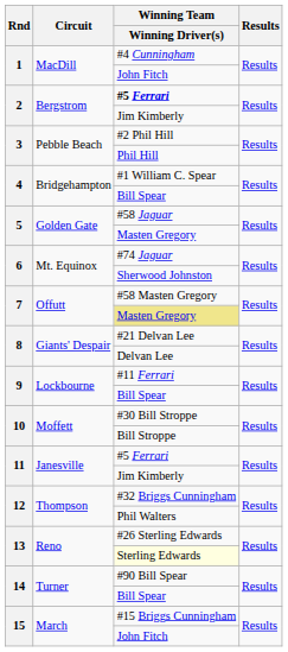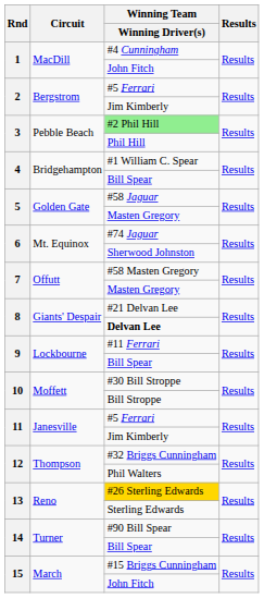 <table class="wikitable" style="font-size: 90%;">
 <tr>
 <th rowspan=2>Rnd</th>
 <th rowspan=2>Circuit</th>
 <th>Winning Team</th>
 <th rowspan=2>Results</th>
 </tr>
 <tr>
 <th>Winning Driver(s)</th>
 </tr>
 <tr>
 <th rowspan=2>1</th>
 <td rowspan=2><a href='#'>MacDill</a></td>
 <td>#4 <em><a href='#'>Cunningham</a></em></td>
 <td rowspan=2><a href='#'>Results</a></td>
 </tr>
 <tr>
 <td> <a href='#'>John Fitch</a></td>
 </tr>
 <tr>
 <th rowspan=2>2</th>
 <td rowspan=2><a href='#'>Bergstrom</a></td>
-<td><strong>#5 <em><a href='#'>Ferrari</a></em></strong></td>
+<td>#5 <em><a href='#'>Ferrari</a></em></td>
 <td rowspan=2><a href='#'>Results</a></td>
 </tr>
 <tr>
 <td> Jim Kimberly</td>
 </tr>
 <tr>
 <th rowspan=2>3</th>
 <td rowspan=2>Pebble Beach</td>
-<td>#2 Phil Hill</td>
+<td style="background: lightgreen;">#2 Phil Hill</td>
 <td rowspan=2><a href='#'>Results</a></td>
 </tr>
 <tr>
 <td> <a href='#'>Phil Hill</a></td>
 </tr>
 <tr>
 <th rowspan=2>4</th>
 <td rowspan=2>Bridgehampton</td>
 <td>#1 William C. Spear</td>
 <td rowspan=2><a href='#'>Results</a></td>
 </tr>
 <tr>
 <td> <a href='#'>Bill Spear</a></td>
 </tr>
 <tr>
 <th rowspan=2>5</th>
 <td rowspan=2><a href='#'>Golden Gate</a></td>
 <td>#58 <em><a href='#'>Jaguar</a></em></td>
 <td rowspan=2><a href='#'>Results</a></td>
 </tr>
 <tr>
 <td> <a href='#'>Masten Gregory</a></td>
 </tr>
 <tr>
 <th rowspan=2>6</th>
 <td rowspan=2>Mt. Equinox</td>
 <td>#74 <em><a href='#'>Jaguar</a></em></td>
 <td rowspan=2><a href='#'>Results</a></td>
 </tr>
 <tr>
 <td> <a href='#'>Sherwood Johnston</a></td>
 </tr>
 <tr>
 <th rowspan=2>7</th>
 <td rowspan=2><a href='#'>Offutt</a></td>
 <td>#58 Masten Gregory</td>
 <td rowspan=2><a href='#'>Results</a></td>
 </tr>
 <tr>
-<td style="background: khaki;"> <a href='#'>Masten Gregory</a></td>
+<td> <a href='#'>Masten Gregory</a></td>
 </tr>
 <tr>
 <th rowspan=2>8</th>
 <td rowspan=2><a href='#'>Giants' Despair</a></td>
 <td>#21 Delvan Lee</td>
 <td rowspan=2><a href='#'>Results</a></td>
 </tr>
 <tr>
-<td> Delvan Lee</td>
+<td><strong> Delvan Lee</strong></td>
 </tr>
 <tr>
 <th rowspan=2>9</th>
 <td rowspan=2><a href='#'>Lockbourne</a></td>
 <td>#11 <em><a href='#'>Ferrari</a></em></td>
 <td rowspan=2><a href='#'>Results</a></td>
 </tr>
 <tr>
 <td> <a href='#'>Bill Spear</a></td>
 </tr>
 <tr>
 <th rowspan=2>10</th>
 <td rowspan=2><a href='#'>Moffett</a></td>
 <td>#30 Bill Stroppe</td>
 <td rowspan=2><a href='#'>Results</a></td>
 </tr>
 <tr>
 <td> Bill Stroppe</td>
 </tr>
 <tr>
 <th rowspan=2>11</th>
 <td rowspan=2><a href='#'>Janesville</a></td>
 <td>#5 <em><a href='#'>Ferrari</a></em></td>
 <td rowspan=2><a href='#'>Results</a></td>
 </tr>
 <tr>
 <td> Jim Kimberly</td>
 </tr>
 <tr>
 <th rowspan=2>12</th>
 <td rowspan=2><a href='#'>Thompson</a></td>
 <td>#32 <a href='#'>Briggs Cunningham</a></td>
 <td rowspan=2><a href='#'>Results</a></td>
 </tr>
 <tr>
 <td> Phil Walters</td>
 </tr>
 <tr>
 <th rowspan=2>13</th>
 <td rowspan=2><a href='#'>Reno</a></td>
-<td>#26 Sterling Edwards</td>
+<td style="background: gold;">#26 Sterling Edwards</td>
 <td rowspan=2><a href='#'>Results</a></td>
 </tr>
 <tr>
-<td style="background: lightyellow;"> Sterling Edwards</td>
+<td> Sterling Edwards</td>
 </tr>
 <tr>
 <th rowspan=2>14</th>
 <td rowspan=2><a href='#'>Turner</a></td>
 <td>#90 Bill Spear</td>
 <td rowspan=2><a href='#'>Results</a></td>
 </tr>
 <tr>
 <td> <a href='#'>Bill Spear</a></td>
 </tr>
 <tr>
 <th rowspan=2>15</th>
 <td rowspan=2><a href='#'>March</a></td>
 <td>#15 <a href='#'>Briggs Cunningham</a></td>
 <td rowspan=2><a href='#'>Results</a></td>
 </tr>
 <tr>
 <td> <a href='#'>John Fitch</a></td>
 </tr>
 </table>
